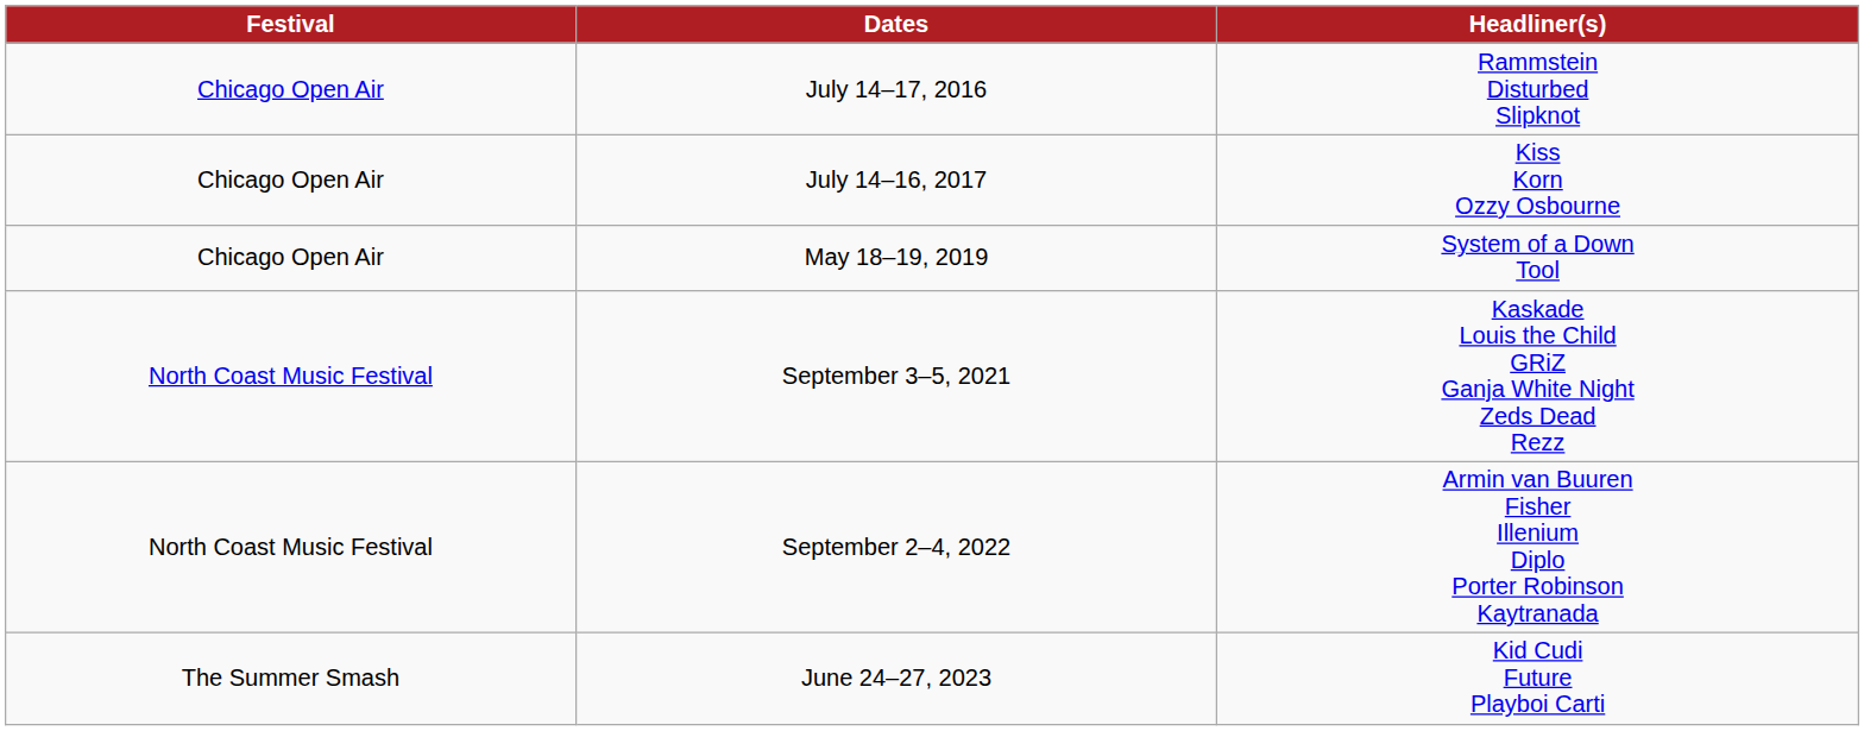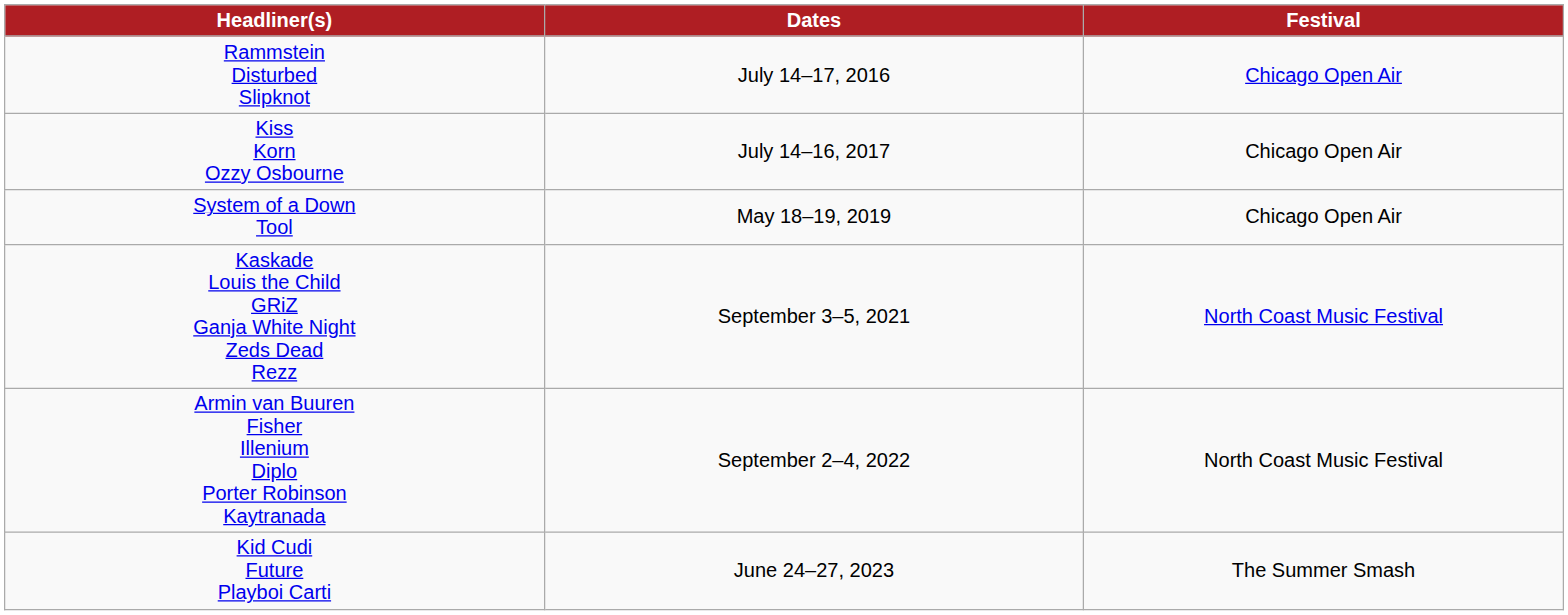 <table class="wikitable" style="text-align:center;">
 <tr>
+<th width=9% style="text-align:center; background:#AF1E23; color:#FFFFFF; ">Headliner(s)</th>
+<th width=9% style="text-align:center; background:#AF1E23; color:#FFFFFF; ">Dates</th>
 <th width=8% style="text-align:center; background:#AF1E23; color:#FFFFFF; ">Festival</th>
-<th width=9% style="text-align:center; background:#AF1E23; color:#FFFFFF; ">Dates</th>
-<th width=9% style="text-align:center; background:#AF1E23; color:#FFFFFF; ">Headliner(s)</th>
 </tr>
 <tr>
+<td><a href='#'>Rammstein</a> <br> <a href='#'>Disturbed</a> <br> <a href='#'>Slipknot</a></td>
+<td>July 14–17, 2016</td>
 <td><a href='#'>Chicago Open Air</a></td>
-<td>July 14–17, 2016</td>
-<td><a href='#'>Rammstein</a> <br> <a href='#'>Disturbed</a> <br> <a href='#'>Slipknot</a></td>
 </tr>
 <tr>
+<td><a href='#'>Kiss</a> <br> <a href='#'>Korn</a> <br> <a href='#'>Ozzy Osbourne</a></td>
+<td>July 14–16, 2017</td>
 <td>Chicago Open Air</td>
-<td>July 14–16, 2017</td>
-<td><a href='#'>Kiss</a> <br> <a href='#'>Korn</a> <br> <a href='#'>Ozzy Osbourne</a></td>
 </tr>
 <tr>
+<td><a href='#'>System of a Down</a> <br> <a href='#'>Tool</a></td>
+<td>May 18–19, 2019</td>
 <td>Chicago Open Air</td>
-<td>May 18–19, 2019</td>
-<td><a href='#'>System of a Down</a> <br> <a href='#'>Tool</a></td>
 </tr>
 <tr>
+<td><a href='#'>Kaskade</a> <br> <a href='#'>Louis the Child</a> <br> <a href='#'>GRiZ</a> <br> <a href='#'>Ganja White Night</a> <br> <a href='#'>Zeds Dead</a> <br> <a href='#'>Rezz</a></td>
+<td>September 3–5, 2021</td>
 <td><a href='#'>North Coast Music Festival</a></td>
-<td>September 3–5, 2021</td>
-<td><a href='#'>Kaskade</a> <br> <a href='#'>Louis the Child</a> <br> <a href='#'>GRiZ</a> <br> <a href='#'>Ganja White Night</a> <br> <a href='#'>Zeds Dead</a> <br> <a href='#'>Rezz</a></td>
 </tr>
 <tr>
+<td><a href='#'>Armin van Buuren</a> <br> <a href='#'>Fisher</a> <br> <a href='#'>Illenium</a> <br> <a href='#'>Diplo</a> <br> <a href='#'>Porter Robinson</a> <br> <a href='#'>Kaytranada</a></td>
+<td>September 2–4, 2022</td>
 <td>North Coast Music Festival</td>
-<td>September 2–4, 2022</td>
-<td><a href='#'>Armin van Buuren</a> <br> <a href='#'>Fisher</a> <br> <a href='#'>Illenium</a> <br> <a href='#'>Diplo</a> <br> <a href='#'>Porter Robinson</a> <br> <a href='#'>Kaytranada</a></td>
 </tr>
 <tr>
+<td><a href='#'>Kid Cudi</a> <br> <a href='#'>Future</a> <br> <a href='#'>Playboi Carti</a></td>
+<td>June 24–27, 2023</td>
 <td>The Summer Smash</td>
-<td>June 24–27, 2023</td>
-<td><a href='#'>Kid Cudi</a> <br> <a href='#'>Future</a> <br> <a href='#'>Playboi Carti</a></td>
 </tr>
 </table>
